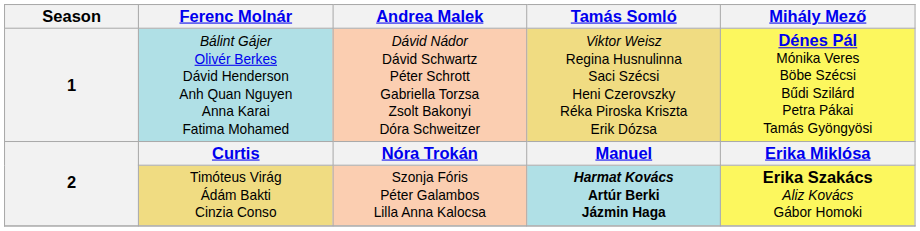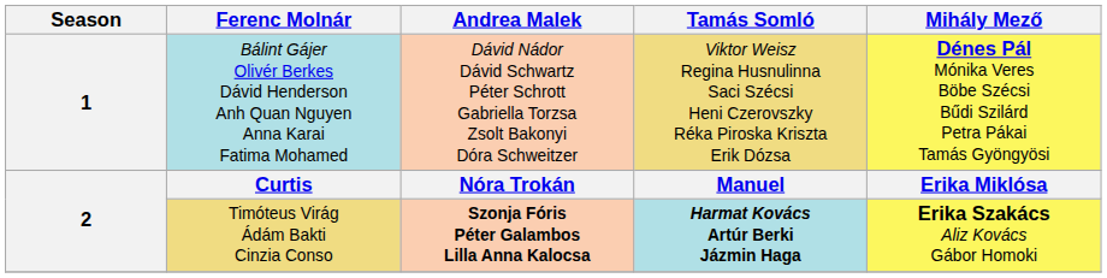 <table class="wikitable" style="text-align:center; line-height:16px; width:70%;">
 <tr>
 <th style="width:9%;" scope="col">Season</th>
 <th style="width:13%;" scope="col"><a href='#'>Ferenc Molnár</a></th>
 <th style="width:13%;" scope="col"><a href='#'>Andrea Malek</a></th>
 <th style="width:13%;" scope="col"><a href='#'>Tamás Somló</a></th>
 <th style="width:13%;" scope="col"><a href='#'>Mihály Mező</a></th>
 </tr>
 <tr>
 <th scope="row">1</th>
 <td style="background:#B0E0E6;"><small><em>Bálint Gájer</em><br><a href='#'>Olivér Berkes</a><br>Dávid Henderson<br>Anh Quan Nguyen<br>Anna Karai<br>Fatima Mohamed</small></td>
 <td style="background:#FBCEB1;"><small><em>Dávid Nádor</em><br>Dávid Schwartz<br>Péter Schrott<br>Gabriella Torzsa<br>Zsolt Bakonyi<br>Dóra Schweitzer</small></td>
 <td style="background:#F0DC82;"><small><em>Viktor Weisz</em><br>Regina Husnulinna<br>Saci Szécsi<br>Heni Czerovszky<br>Réka Piroska Kriszta<br>Erik Dózsa</small></td>
 <td style="background:#FCF75E;"><strong><a href='#'>Dénes Pál</a></strong><br><small>Mónika Veres<br>Böbe Szécsi<br>Bűdi Szilárd<br>Petra Pákai<br>Tamás Gyöngyösi</small></td>
 </tr>
 <tr>
 <th scope="row" rowspan=2>2</th>
 <th><a href='#'>Curtis</a></th>
 <th><a href='#'>Nóra Trokán</a></th>
 <th><a href='#'>Manuel</a></th>
 <th><a href='#'>Erika Miklósa</a></th>
 </tr>
 <tr>
 <td style="background:#F0DC82;"><small>Timóteus Virág<br>Ádám Bakti<br>Cinzia Conso</small></td>
-<td style="background:#FBCEB1;"><small>Szonja Fóris<br>Péter Galambos<br>Lilla Anna Kalocsa</small></td>
+<td style="background:#FBCEB1;"><strong><small>Szonja Fóris<br>Péter Galambos<br>Lilla Anna Kalocsa</small></strong></td>
 <td style="background:#B0E0E6;"><strong><small><em>Harmat Kovács</em><br>Artúr Berki<br>Jázmin Haga</small></strong></td>
 <td style="background:#FCF75E;"><strong>Erika Szakács</strong><br><small><em>Aliz Kovács</em><br>Gábor Homoki</small></td>
 </tr>
 <tr>
 </tr>
 </table>
